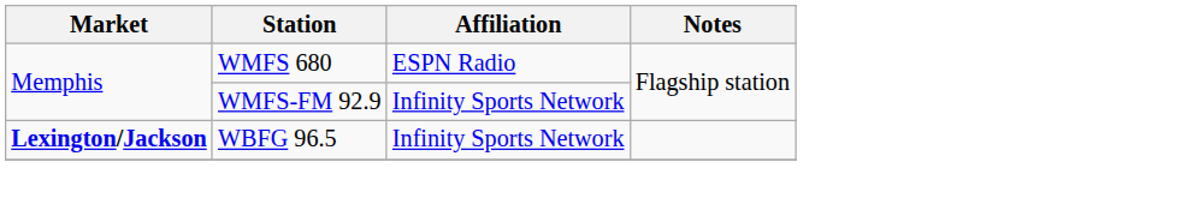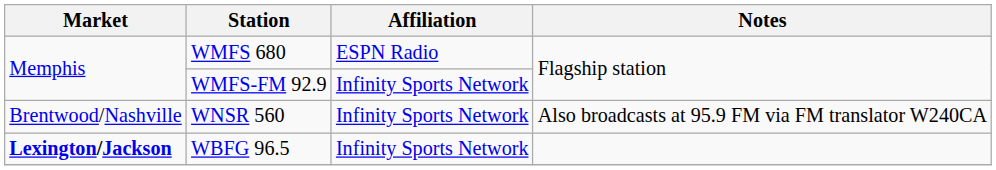 <table class="wikitable" border="1">
 <tr>
 <th>Market</th>
 <th>Station</th>
 <th>Affiliation</th>
 <th>Notes</th>
 </tr>
 <tr>
 <td rowspan=2><a href='#'>Memphis</a></td>
 <td><a href='#'>WMFS</a> 680</td>
 <td><a href='#'>ESPN Radio</a></td>
 <td rowspan=2>Flagship station</td>
 </tr>
 <tr>
 <td><a href='#'>WMFS-FM</a> 92.9</td>
 <td><a href='#'>Infinity Sports Network</a></td>
 </tr>
 <tr>
+<td><a href='#'>Brentwood</a>/<a href='#'>Nashville</a></td>
+<td><a href='#'>WNSR</a> 560</td>
+<td><a href='#'>Infinity Sports Network</a></td>
+<td>Also broadcasts at 95.9 FM via FM translator W240CA</td>
+</tr>
+<tr>
 <td><strong><a href='#'>Lexington</a>/<a href='#'>Jackson</a></strong></td>
 <td><a href='#'>WBFG</a> 96.5</td>
 <td><a href='#'>Infinity Sports Network</a></td>
 <td></td>
 </tr>
 <tr>
 </tr>
 </table>
